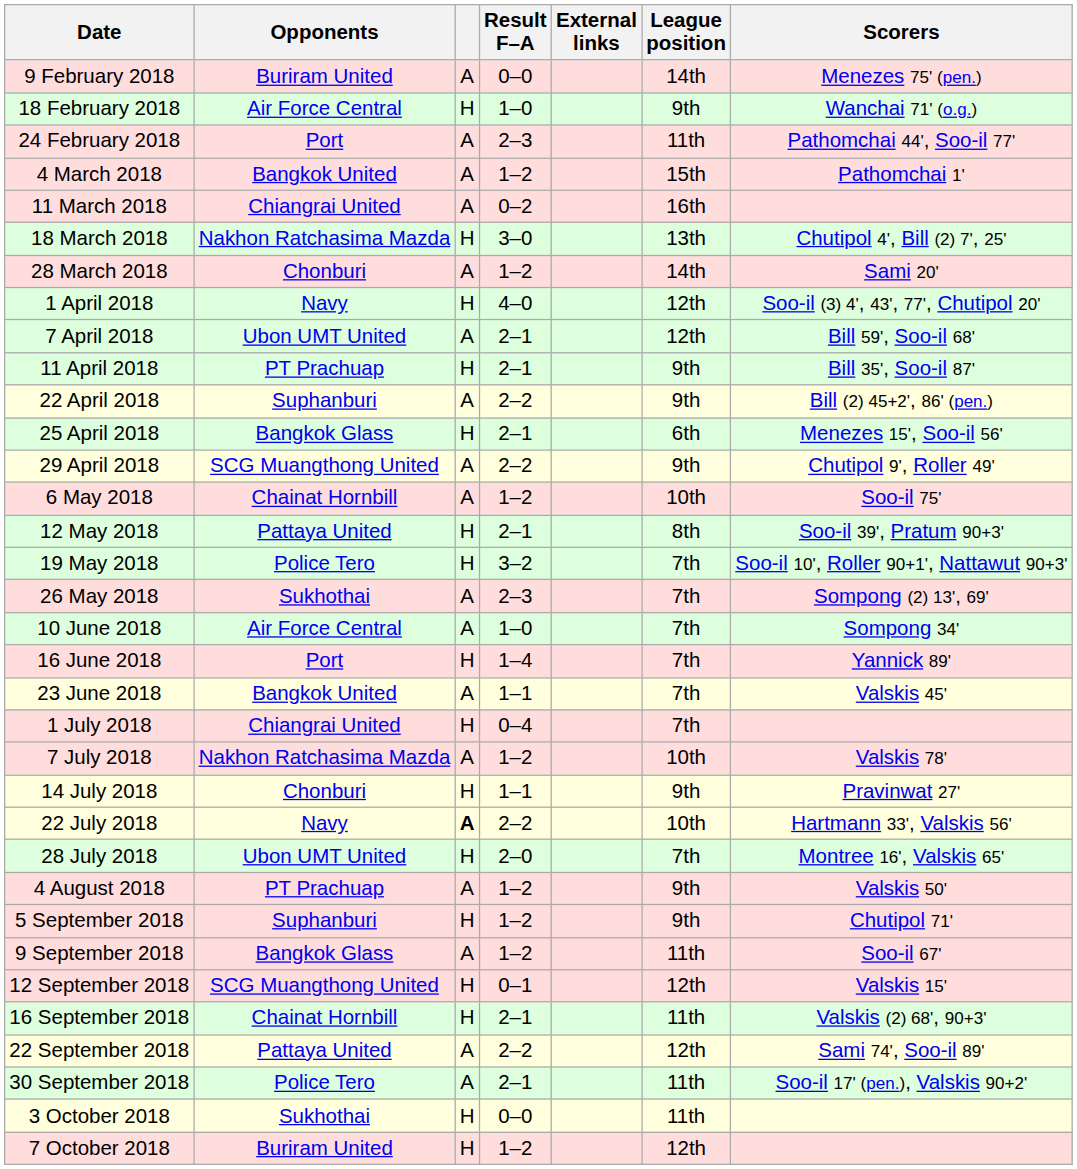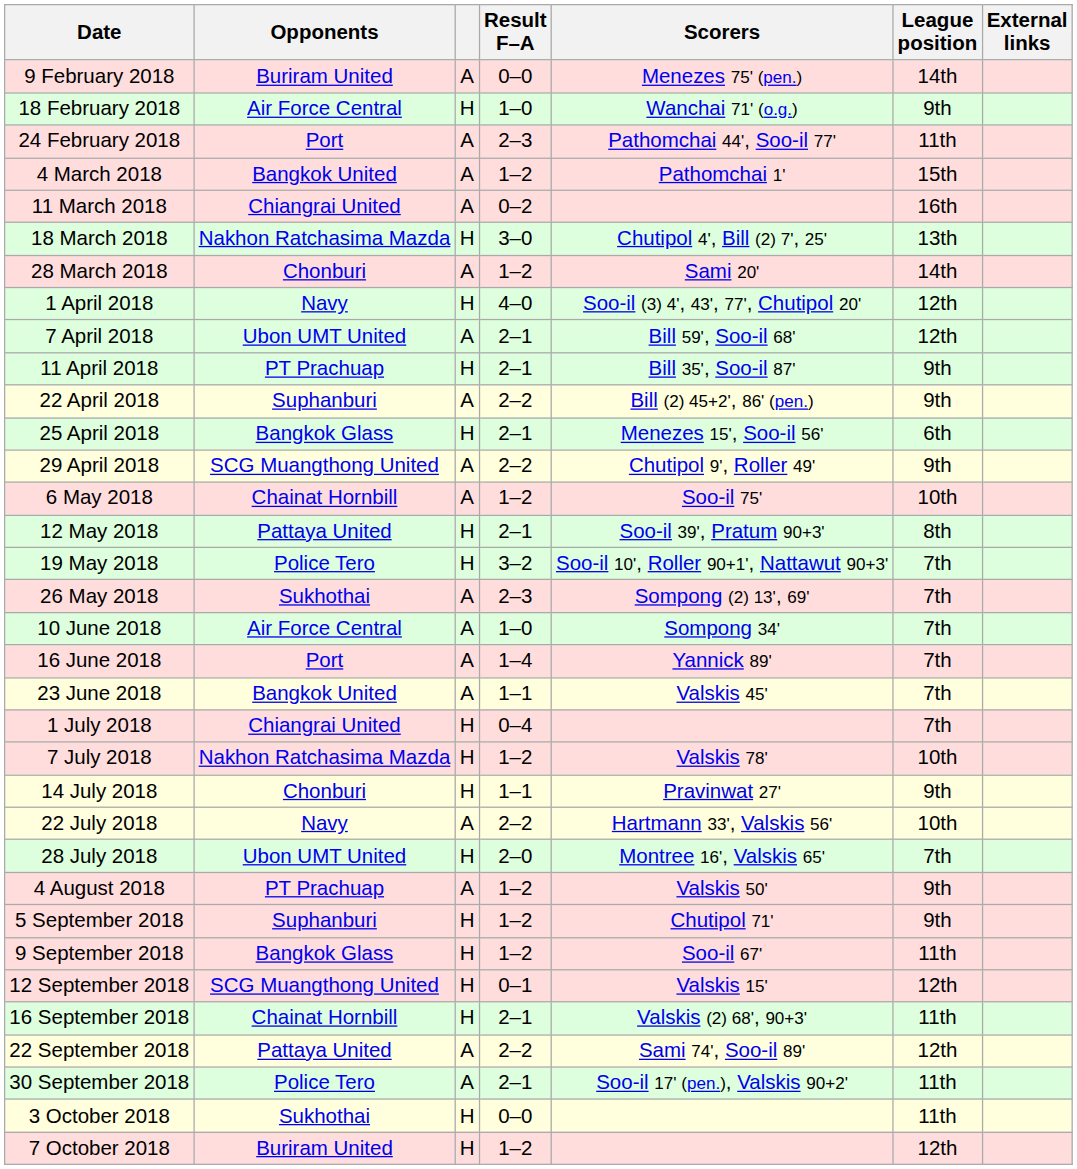 <table class="wikitable" style="text-align:center">
 <tr>
 <th>Date</th>
 <th>Opponents</th>
 <th></th>
 <th>Result<br>F–A</th>
+<th>Scorers</th>
+<th>League<br>position</th>
 <th>External<br>links</th>
-<th>League<br>position</th>
-<th>Scorers</th>
 </tr>
 <tr bgcolor="#ffdddd">
 <td nowrap>9 February 2018</td>
 <td nowrap><a href='#'>Buriram United</a></td>
 <td>A</td>
 <td nowrap>0–0</td>
+<td nowrap><a href='#'>Menezes</a> <small>75' (<a href='#'>pen.</a>)</small></td>
+<td nowrap>14th</td>
 <td nowrap><small> </small></td>
-<td nowrap>14th</td>
-<td nowrap><a href='#'>Menezes</a> <small>75' (<a href='#'>pen.</a>)</small></td>
 </tr>
 <tr bgcolor="#ddffdd">
 <td nowrap>18 February 2018</td>
 <td nowrap><a href='#'>Air Force Central</a></td>
 <td>H</td>
 <td nowrap>1–0</td>
+<td nowrap><a href='#'>Wanchai</a> <small>71' (<a href='#'>o.g.</a>)</small></td>
+<td nowrap>9th</td>
 <td nowrap><small> </small></td>
-<td nowrap>9th</td>
-<td nowrap><a href='#'>Wanchai</a> <small>71' (<a href='#'>o.g.</a>)</small></td>
 </tr>
 <tr bgcolor="#ffdddd">
 <td nowrap>24 February 2018</td>
 <td nowrap><a href='#'>Port</a></td>
 <td>A</td>
 <td nowrap>2–3</td>
+<td nowrap><a href='#'>Pathomchai</a> <small>44'</small>, <a href='#'>Soo-il</a> <small>77'</small></td>
+<td nowrap>11th</td>
 <td nowrap><small> </small></td>
-<td nowrap>11th</td>
-<td nowrap><a href='#'>Pathomchai</a> <small>44'</small>, <a href='#'>Soo-il</a> <small>77'</small></td>
 </tr>
 <tr bgcolor="#ffdddd">
 <td nowrap>4 March 2018</td>
 <td nowrap><a href='#'>Bangkok United</a></td>
 <td>A</td>
 <td nowrap>1–2</td>
+<td nowrap><a href='#'>Pathomchai</a> <small>1'</small></td>
+<td nowrap>15th</td>
 <td nowrap><small> </small></td>
-<td nowrap>15th</td>
-<td nowrap><a href='#'>Pathomchai</a> <small>1'</small></td>
 </tr>
 <tr bgcolor="#ffdddd">
 <td nowrap>11 March 2018</td>
 <td nowrap><a href='#'>Chiangrai United</a></td>
 <td>A</td>
 <td nowrap>0–2</td>
+<td nowrap></td>
+<td nowrap>16th</td>
 <td nowrap><small> </small></td>
-<td nowrap>16th</td>
-<td nowrap></td>
 </tr>
 <tr bgcolor="#ddffdd">
 <td nowrap>18 March 2018</td>
 <td nowrap><a href='#'>Nakhon Ratchasima Mazda</a></td>
 <td>H</td>
 <td nowrap>3–0</td>
+<td nowrap><a href='#'>Chutipol</a> <small>4'</small>, <a href='#'>Bill</a> <small>(2) 7'</small>, <small>25'</small></td>
+<td nowrap>13th</td>
 <td nowrap><small> </small></td>
-<td nowrap>13th</td>
-<td nowrap><a href='#'>Chutipol</a> <small>4'</small>, <a href='#'>Bill</a> <small>(2) 7'</small>, <small>25'</small></td>
 </tr>
 <tr bgcolor="#ffdddd">
 <td nowrap>28 March 2018</td>
 <td nowrap><a href='#'>Chonburi</a></td>
 <td>A</td>
 <td nowrap>1–2</td>
+<td nowrap><a href='#'>Sami</a> <small>20'</small></td>
+<td nowrap>14th</td>
 <td nowrap><small> </small></td>
-<td nowrap>14th</td>
-<td nowrap><a href='#'>Sami</a> <small>20'</small></td>
 </tr>
 <tr bgcolor="#ddffdd">
 <td nowrap>1 April 2018</td>
 <td nowrap><a href='#'>Navy</a></td>
 <td>H</td>
 <td nowrap>4–0</td>
+<td nowrap><a href='#'>Soo-il</a> <small>(3) 4'</small>, <small>43'</small>, <small>77'</small>, <a href='#'>Chutipol</a> <small>20'</small></td>
+<td nowrap>12th</td>
 <td nowrap><small> </small></td>
-<td nowrap>12th</td>
-<td nowrap><a href='#'>Soo-il</a> <small>(3) 4'</small>, <small>43'</small>, <small>77'</small>, <a href='#'>Chutipol</a> <small>20'</small></td>
 </tr>
 <tr bgcolor="#ddffdd">
 <td nowrap>7 April 2018</td>
 <td nowrap><a href='#'>Ubon UMT United</a></td>
 <td>A</td>
 <td nowrap>2–1</td>
+<td nowrap><a href='#'>Bill</a> <small>59'</small>, <a href='#'>Soo-il</a> <small>68'</small></td>
+<td nowrap>12th</td>
 <td nowrap><small> </small></td>
-<td nowrap>12th</td>
-<td nowrap><a href='#'>Bill</a> <small>59'</small>, <a href='#'>Soo-il</a> <small>68'</small></td>
 </tr>
 <tr bgcolor="#ddffdd">
 <td nowrap>11 April 2018</td>
 <td nowrap><a href='#'>PT Prachuap</a></td>
 <td>H</td>
 <td nowrap>2–1</td>
+<td nowrap><a href='#'>Bill</a> <small>35'</small>, <a href='#'>Soo-il</a> <small>87'</small></td>
+<td nowrap>9th</td>
 <td nowrap><small> </small></td>
-<td nowrap>9th</td>
-<td nowrap><a href='#'>Bill</a> <small>35'</small>, <a href='#'>Soo-il</a> <small>87'</small></td>
 </tr>
 <tr bgcolor="#ffffdd">
 <td nowrap>22 April 2018</td>
 <td nowrap><a href='#'>Suphanburi</a></td>
 <td>A</td>
 <td nowrap>2–2</td>
+<td nowrap><a href='#'>Bill</a> <small>(2) 45+2'</small>, <small>86' (<a href='#'>pen.</a>)</small></td>
+<td nowrap>9th</td>
 <td nowrap><small> </small></td>
-<td nowrap>9th</td>
-<td nowrap><a href='#'>Bill</a> <small>(2) 45+2'</small>, <small>86' (<a href='#'>pen.</a>)</small></td>
 </tr>
 <tr bgcolor="#ddffdd">
 <td nowrap>25 April 2018</td>
 <td nowrap><a href='#'>Bangkok Glass</a></td>
 <td>H</td>
 <td nowrap>2–1</td>
+<td nowrap><a href='#'>Menezes</a> <small>15'</small>, <a href='#'>Soo-il</a> <small>56'</small></td>
+<td nowrap>6th</td>
 <td nowrap><small> </small></td>
-<td nowrap>6th</td>
-<td nowrap><a href='#'>Menezes</a> <small>15'</small>, <a href='#'>Soo-il</a> <small>56'</small></td>
 </tr>
 <tr bgcolor="#ffffdd">
 <td nowrap>29 April 2018</td>
 <td nowrap><a href='#'>SCG Muangthong United</a></td>
 <td>A</td>
 <td nowrap>2–2</td>
+<td nowrap><a href='#'>Chutipol</a> <small>9'</small>, <a href='#'>Roller</a> <small>49'</small></td>
+<td nowrap>9th</td>
 <td nowrap><small> </small></td>
-<td nowrap>9th</td>
-<td nowrap><a href='#'>Chutipol</a> <small>9'</small>, <a href='#'>Roller</a> <small>49'</small></td>
 </tr>
 <tr bgcolor="#ffdddd">
 <td nowrap>6 May 2018</td>
 <td nowrap><a href='#'>Chainat Hornbill</a></td>
 <td>A</td>
 <td nowrap>1–2</td>
+<td nowrap><a href='#'>Soo-il</a> <small>75'</small></td>
+<td nowrap>10th</td>
 <td nowrap><small> </small></td>
-<td nowrap>10th</td>
-<td nowrap><a href='#'>Soo-il</a> <small>75'</small></td>
 </tr>
 <tr bgcolor="#ddffdd">
 <td nowrap>12 May 2018</td>
 <td nowrap><a href='#'>Pattaya United</a></td>
 <td>H</td>
 <td nowrap>2–1</td>
+<td nowrap><a href='#'>Soo-il</a> <small>39'</small>, <a href='#'>Pratum</a> <small>90+3'</small></td>
+<td nowrap>8th</td>
 <td nowrap><small> </small></td>
-<td nowrap>8th</td>
-<td nowrap><a href='#'>Soo-il</a> <small>39'</small>, <a href='#'>Pratum</a> <small>90+3'</small></td>
 </tr>
 <tr bgcolor="#ddffdd">
 <td nowrap>19 May 2018</td>
 <td nowrap><a href='#'>Police Tero</a></td>
 <td>H</td>
 <td nowrap>3–2</td>
+<td nowrap><a href='#'>Soo-il</a> <small>10'</small>, <a href='#'>Roller</a> <small>90+1'</small>, <a href='#'>Nattawut</a> <small>90+3'</small></td>
+<td nowrap>7th</td>
 <td nowrap><small> </small></td>
-<td nowrap>7th</td>
-<td nowrap><a href='#'>Soo-il</a> <small>10'</small>, <a href='#'>Roller</a> <small>90+1'</small>, <a href='#'>Nattawut</a> <small>90+3'</small></td>
 </tr>
 <tr bgcolor="#ffdddd">
 <td nowrap>26 May 2018</td>
 <td nowrap><a href='#'>Sukhothai</a></td>
 <td>A</td>
 <td nowrap>2–3</td>
+<td nowrap><a href='#'>Sompong</a> <small>(2) 13'</small>, <small>69'</small></td>
+<td nowrap>7th</td>
 <td nowrap><small> </small></td>
-<td nowrap>7th</td>
-<td nowrap><a href='#'>Sompong</a> <small>(2) 13'</small>, <small>69'</small></td>
 </tr>
 <tr bgcolor="#ddffdd">
 <td nowrap>10 June 2018</td>
 <td nowrap><a href='#'>Air Force Central</a></td>
 <td>A</td>
 <td nowrap>1–0</td>
+<td nowrap><a href='#'>Sompong</a> <small>34'</small></td>
+<td nowrap>7th</td>
 <td nowrap><small> </small></td>
-<td nowrap>7th</td>
-<td nowrap><a href='#'>Sompong</a> <small>34'</small></td>
 </tr>
 <tr bgcolor="#ffdddd">
 <td nowrap>16 June 2018</td>
 <td nowrap><a href='#'>Port</a></td>
-<td>H</td>
+<td>A</td>
 <td nowrap>1–4</td>
+<td nowrap><a href='#'>Yannick</a> <small>89'</small></td>
+<td nowrap>7th</td>
 <td nowrap><small> </small></td>
-<td nowrap>7th</td>
-<td nowrap><a href='#'>Yannick</a> <small>89'</small></td>
 </tr>
 <tr bgcolor="#ffffdd">
 <td nowrap>23 June 2018</td>
 <td nowrap><a href='#'>Bangkok United</a></td>
 <td>A</td>
 <td nowrap>1–1</td>
+<td nowrap><a href='#'>Valskis</a> <small>45'</small></td>
+<td nowrap>7th</td>
 <td nowrap><small> </small></td>
-<td nowrap>7th</td>
-<td nowrap><a href='#'>Valskis</a> <small>45'</small></td>
 </tr>
 <tr bgcolor="#ffdddd">
 <td nowrap>1 July 2018</td>
 <td nowrap><a href='#'>Chiangrai United</a></td>
 <td>H</td>
 <td nowrap>0–4</td>
+<td nowrap></td>
+<td nowrap>7th</td>
 <td nowrap><small> </small></td>
-<td nowrap>7th</td>
-<td nowrap></td>
 </tr>
 <tr bgcolor="#ffdddd">
 <td nowrap>7 July 2018</td>
 <td nowrap><a href='#'>Nakhon Ratchasima Mazda</a></td>
-<td>A</td>
+<td>H</td>
 <td nowrap>1–2</td>
+<td nowrap><a href='#'>Valskis</a> <small>78'</small></td>
+<td nowrap>10th</td>
 <td nowrap><small> </small></td>
-<td nowrap>10th</td>
-<td nowrap><a href='#'>Valskis</a> <small>78'</small></td>
 </tr>
 <tr bgcolor="#ffffdd">
 <td nowrap>14 July 2018</td>
 <td nowrap><a href='#'>Chonburi</a></td>
 <td>H</td>
 <td nowrap>1–1</td>
+<td nowrap><a href='#'>Pravinwat</a> <small>27'</small></td>
+<td nowrap>9th</td>
 <td nowrap><small> </small></td>
-<td nowrap>9th</td>
-<td nowrap><a href='#'>Pravinwat</a> <small>27'</small></td>
 </tr>
 <tr bgcolor="#ffffdd">
 <td nowrap>22 July 2018</td>
 <td nowrap><a href='#'>Navy</a></td>
-<td><strong>A</strong></td>
+<td>A</td>
 <td nowrap>2–2</td>
+<td nowrap><a href='#'>Hartmann</a> <small>33'</small>, <a href='#'>Valskis</a> <small>56'</small></td>
+<td nowrap>10th</td>
 <td nowrap><small> </small></td>
-<td nowrap>10th</td>
-<td nowrap><a href='#'>Hartmann</a> <small>33'</small>, <a href='#'>Valskis</a> <small>56'</small></td>
 </tr>
 <tr bgcolor="#ddffdd">
 <td nowrap>28 July 2018</td>
 <td nowrap><a href='#'>Ubon UMT United</a></td>
 <td>H</td>
 <td nowrap>2–0</td>
+<td nowrap><a href='#'>Montree</a> <small>16'</small>, <a href='#'>Valskis</a> <small>65'</small></td>
+<td nowrap>7th</td>
 <td nowrap><small> </small></td>
-<td nowrap>7th</td>
-<td nowrap><a href='#'>Montree</a> <small>16'</small>, <a href='#'>Valskis</a> <small>65'</small></td>
 </tr>
 <tr bgcolor="#ffdddd">
 <td nowrap>4 August 2018</td>
 <td nowrap><a href='#'>PT Prachuap</a></td>
 <td>A</td>
 <td nowrap>1–2</td>
+<td nowrap><a href='#'>Valskis</a> <small>50'</small></td>
+<td nowrap>9th</td>
 <td nowrap><small> </small></td>
-<td nowrap>9th</td>
-<td nowrap><a href='#'>Valskis</a> <small>50'</small></td>
 </tr>
 <tr bgcolor="#ffdddd">
 <td nowrap>5 September 2018</td>
 <td nowrap><a href='#'>Suphanburi</a></td>
 <td>H</td>
 <td nowrap>1–2</td>
+<td nowrap><a href='#'>Chutipol</a> <small>71'</small></td>
+<td nowrap>9th</td>
 <td nowrap><small> </small></td>
-<td nowrap>9th</td>
-<td nowrap><a href='#'>Chutipol</a> <small>71'</small></td>
 </tr>
 <tr bgcolor="#ffdddd">
 <td nowrap>9 September 2018</td>
 <td nowrap><a href='#'>Bangkok Glass</a></td>
-<td>A</td>
+<td>H</td>
 <td nowrap>1–2</td>
+<td nowrap><a href='#'>Soo-il</a> <small>67'</small></td>
+<td nowrap>11th</td>
 <td nowrap><small> </small></td>
-<td nowrap>11th</td>
-<td nowrap><a href='#'>Soo-il</a> <small>67'</small></td>
 </tr>
 <tr bgcolor="#ffdddd">
 <td nowrap>12 September 2018</td>
 <td nowrap><a href='#'>SCG Muangthong United</a></td>
 <td>H</td>
 <td nowrap>0–1</td>
+<td nowrap><a href='#'>Valskis</a> <small>15'</small></td>
+<td nowrap>12th</td>
 <td nowrap><small> </small></td>
-<td nowrap>12th</td>
-<td nowrap><a href='#'>Valskis</a> <small>15'</small></td>
 </tr>
 <tr bgcolor="#ddffdd">
 <td nowrap>16 September 2018</td>
 <td nowrap><a href='#'>Chainat Hornbill</a></td>
 <td>H</td>
 <td nowrap>2–1</td>
+<td nowrap><a href='#'>Valskis</a> <small>(2) 68'</small>, <small>90+3'</small></td>
+<td nowrap>11th</td>
 <td nowrap><small> </small></td>
-<td nowrap>11th</td>
-<td nowrap><a href='#'>Valskis</a> <small>(2) 68'</small>, <small>90+3'</small></td>
 </tr>
 <tr bgcolor="#ffffdd">
 <td nowrap>22 September 2018</td>
 <td nowrap><a href='#'>Pattaya United</a></td>
 <td>A</td>
 <td nowrap>2–2</td>
+<td nowrap><a href='#'>Sami</a> <small>74'</small>, <a href='#'>Soo-il</a> <small>89'</small></td>
+<td nowrap>12th</td>
 <td nowrap><small> </small></td>
-<td nowrap>12th</td>
-<td nowrap><a href='#'>Sami</a> <small>74'</small>, <a href='#'>Soo-il</a> <small>89'</small></td>
 </tr>
 <tr bgcolor="#ddffdd">
 <td nowrap>30 September 2018</td>
 <td nowrap><a href='#'>Police Tero</a></td>
 <td>A</td>
 <td nowrap>2–1</td>
+<td nowrap><a href='#'>Soo-il</a> <small>17' (<a href='#'>pen.</a>)</small>, <a href='#'>Valskis</a> <small>90+2'</small></td>
+<td nowrap>11th</td>
 <td nowrap><small> </small></td>
-<td nowrap>11th</td>
-<td nowrap><a href='#'>Soo-il</a> <small>17' (<a href='#'>pen.</a>)</small>, <a href='#'>Valskis</a> <small>90+2'</small></td>
 </tr>
 <tr bgcolor="#ffffdd">
 <td nowrap>3 October 2018</td>
 <td nowrap><a href='#'>Sukhothai</a></td>
 <td>H</td>
 <td nowrap>0–0</td>
+<td nowrap></td>
+<td nowrap>11th</td>
 <td nowrap><small> </small></td>
-<td nowrap>11th</td>
-<td nowrap></td>
 </tr>
 <tr bgcolor="#ffdddd">
 <td nowrap>7 October 2018</td>
 <td nowrap><a href='#'>Buriram United</a></td>
 <td>H</td>
 <td nowrap>1–2</td>
+<td nowrap></td>
+<td nowrap>12th</td>
 <td nowrap><small> </small></td>
-<td nowrap>12th</td>
-<td nowrap></td>
 </tr>
 </table>
